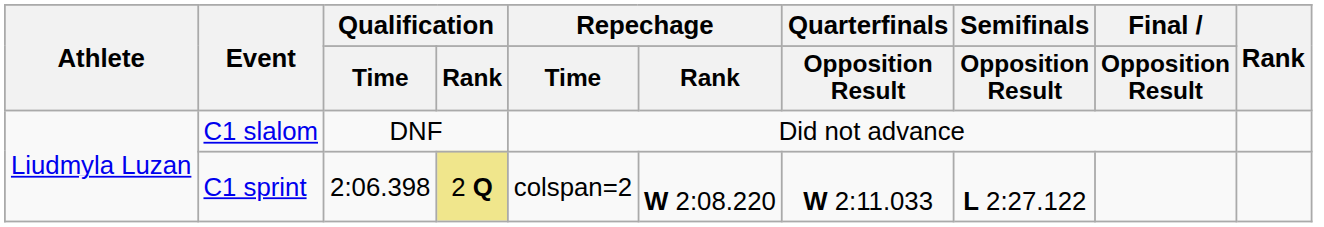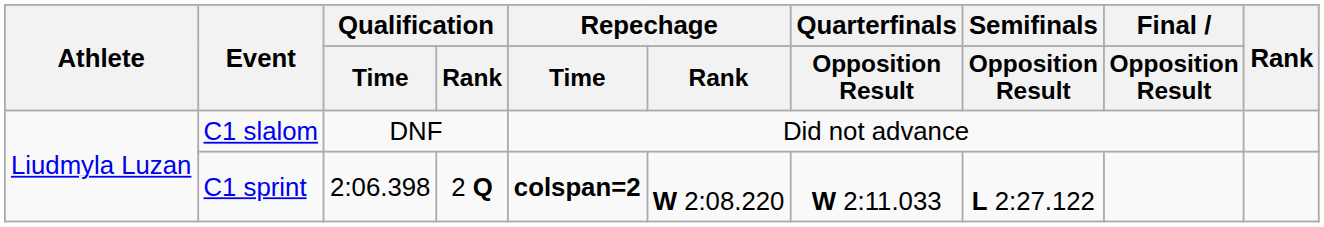 <table class="wikitable" style="font-size:90%;">
 <tr>
 <th rowspan=2>Athlete</th>
 <th rowspan=2>Event</th>
 <th colspan=2>Qualification</th>
 <th colspan=2>Repechage</th>
 <th>Quarterfinals</th>
 <th>Semifinals</th>
 <th>Final / </th>
 <th rowspan=2>Rank</th>
 </tr>
 <tr style="font-size:95%">
 <th>Time</th>
 <th>Rank</th>
 <th>Time</th>
 <th>Rank</th>
 <th>Opposition <br>Result</th>
 <th>Opposition <br>Result</th>
 <th>Opposition <br>Result</th>
 </tr>
 <tr align=center>
 <td rowspan=2 align=left><a href='#'>Liudmyla Luzan</a></td>
 <td align=left><a href='#'>C1 slalom</a></td>
 <td colspan=2>DNF</td>
 <td colspan=5>Did not advance</td>
 <td></td>
 </tr>
 <tr align=center>
 <td align=left><a href='#'>C1 sprint</a></td>
 <td>2:06.398</td>
-<td style="background: khaki;">2 <strong>Q</strong></td>
-<td>colspan=2 </td>
+<td>2 <strong>Q</strong></td>
+<td><strong>colspan=2 </strong></td>
 <td><br><strong>W</strong> 2:08.220</td>
 <td><br><strong>W</strong> 2:11.033</td>
 <td><br><strong>L</strong> 2:27.122</td>
 <td></td>
 </tr>
 </table>
